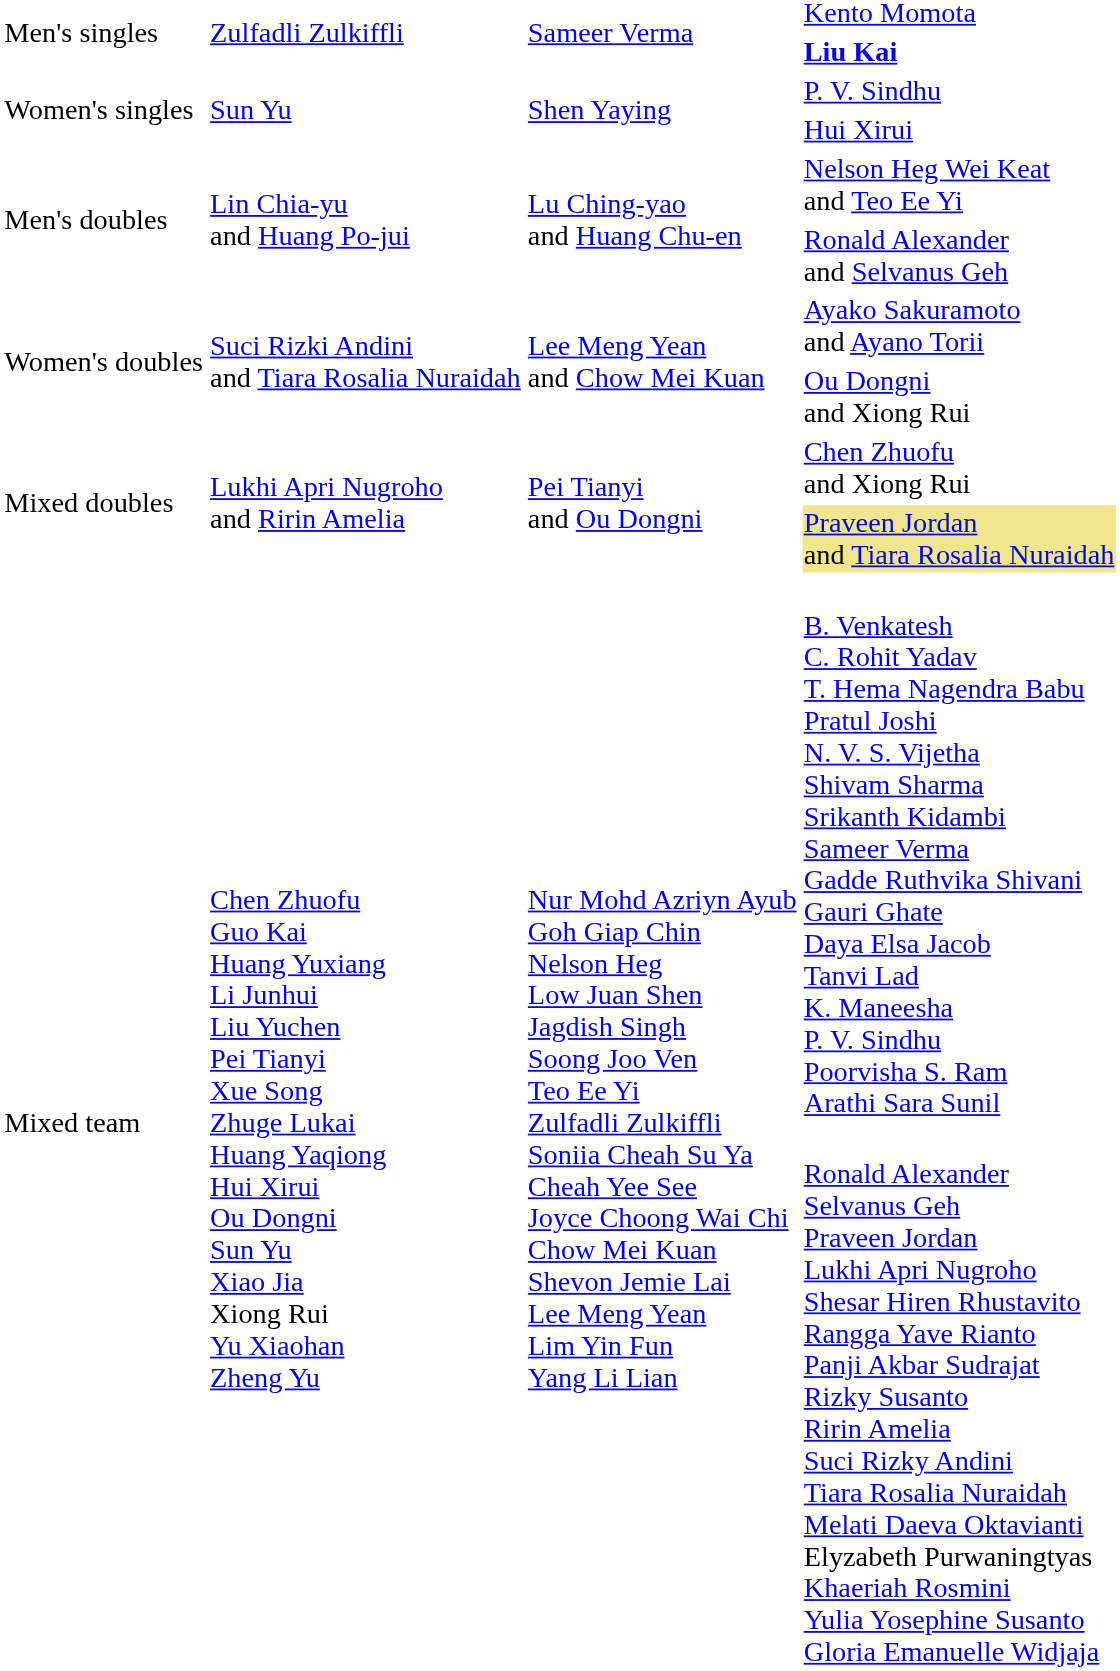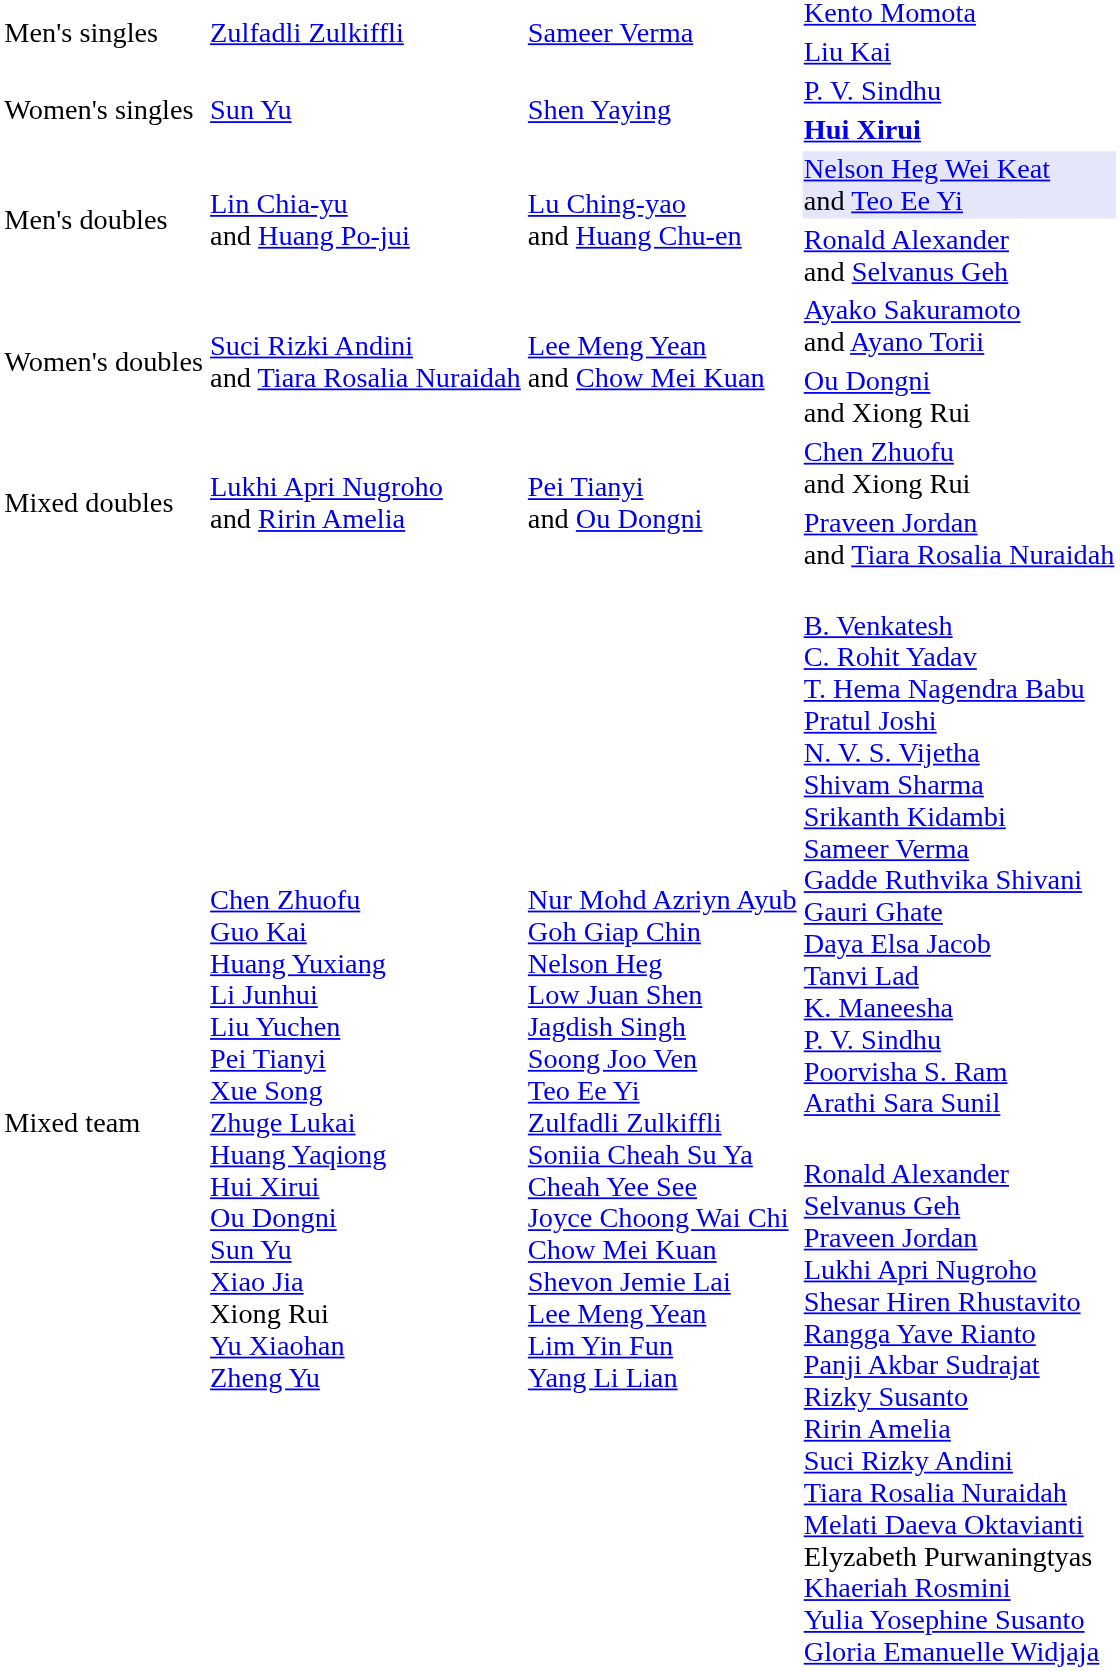 <table>
 <tr>
 <td rowspan=2>Men's singles</td>
 <td rowspan=2> <a href='#'>Zulfadli Zulkiffli</a></td>
 <td rowspan=2> <a href='#'>Sameer Verma</a></td>
 <td> <a href='#'>Kento Momota</a></td>
 </tr>
 <tr>
-<td><strong> <a href='#'>Liu Kai</a></strong></td>
+<td> <a href='#'>Liu Kai</a></td>
 </tr>
 <tr>
 <td rowspan=2>Women's singles</td>
 <td rowspan=2> <a href='#'>Sun Yu</a></td>
 <td rowspan=2> <a href='#'>Shen Yaying</a></td>
 <td> <a href='#'>P. V. Sindhu</a></td>
 </tr>
 <tr>
-<td> <a href='#'>Hui Xirui</a></td>
+<td><strong> <a href='#'>Hui Xirui</a></strong></td>
 </tr>
 <tr>
 <td rowspan=2>Men's doubles</td>
 <td rowspan=2> <a href='#'>Lin Chia-yu</a><br>and <a href='#'>Huang Po-jui</a></td>
 <td rowspan=2> <a href='#'>Lu Ching-yao</a><br>and <a href='#'>Huang Chu-en</a></td>
-<td> <a href='#'>Nelson Heg Wei Keat</a><br>and <a href='#'>Teo Ee Yi</a></td>
+<td style="background: lavender;"> <a href='#'>Nelson Heg Wei Keat</a><br>and <a href='#'>Teo Ee Yi</a></td>
 </tr>
 <tr>
 <td> <a href='#'>Ronald Alexander</a><br>and <a href='#'>Selvanus Geh</a></td>
 </tr>
 <tr>
 <td rowspan=2>Women's doubles</td>
 <td rowspan=2> <a href='#'>Suci Rizki Andini</a><br>and <a href='#'>Tiara Rosalia Nuraidah</a></td>
 <td rowspan=2> <a href='#'>Lee Meng Yean</a><br>and <a href='#'>Chow Mei Kuan</a></td>
 <td> <a href='#'>Ayako Sakuramoto</a><br>and <a href='#'>Ayano Torii</a></td>
 </tr>
 <tr>
 <td> <a href='#'>Ou Dongni</a><br>and Xiong Rui</td>
 </tr>
 <tr>
 <td rowspan=2>Mixed doubles</td>
 <td rowspan=2> <a href='#'>Lukhi Apri Nugroho</a><br>and <a href='#'>Ririn Amelia</a></td>
 <td rowspan=2> <a href='#'>Pei Tianyi</a><br>and <a href='#'>Ou Dongni</a></td>
 <td> <a href='#'>Chen Zhuofu</a><br>and Xiong Rui</td>
 </tr>
 <tr>
-<td style="background: khaki;"> <a href='#'>Praveen Jordan</a><br>and <a href='#'>Tiara Rosalia Nuraidah</a></td>
+<td> <a href='#'>Praveen Jordan</a><br>and <a href='#'>Tiara Rosalia Nuraidah</a></td>
 </tr>
 <tr>
 <td rowspan=2>Mixed team</td>
 <td rowspan=2><br><a href='#'>Chen Zhuofu</a><br><a href='#'>Guo Kai</a><br><a href='#'>Huang Yuxiang</a><br><a href='#'>Li Junhui</a><br><a href='#'>Liu Yuchen</a><br><a href='#'>Pei Tianyi</a><br><a href='#'>Xue Song</a><br><a href='#'>Zhuge Lukai</a><br><a href='#'>Huang Yaqiong</a><br><a href='#'>Hui Xirui</a><br><a href='#'>Ou Dongni</a><br><a href='#'>Sun Yu</a><br><a href='#'>Xiao Jia</a><br>Xiong Rui<br><a href='#'>Yu Xiaohan</a><br><a href='#'>Zheng Yu</a></td>
 <td rowspan=2><br><a href='#'>Nur Mohd Azriyn Ayub</a><br><a href='#'>Goh Giap Chin</a><br><a href='#'>Nelson Heg</a><br><a href='#'>Low Juan Shen</a><br><a href='#'>Jagdish Singh</a><br><a href='#'>Soong Joo Ven</a><br><a href='#'>Teo Ee Yi</a><br><a href='#'>Zulfadli Zulkiffli</a><br><a href='#'>Soniia Cheah Su Ya</a><br><a href='#'>Cheah Yee See</a><br><a href='#'>Joyce Choong Wai Chi</a><br><a href='#'>Chow Mei Kuan</a><br><a href='#'>Shevon Jemie Lai</a><br><a href='#'>Lee Meng Yean</a><br><a href='#'>Lim Yin Fun</a><br><a href='#'>Yang Li Lian</a></td>
 <td><br><a href='#'>B. Venkatesh</a><br><a href='#'>C. Rohit Yadav</a><br><a href='#'>T. Hema Nagendra Babu</a><br><a href='#'>Pratul Joshi</a><br><a href='#'>N. V. S. Vijetha</a><br><a href='#'>Shivam Sharma</a><br><a href='#'>Srikanth Kidambi</a><br><a href='#'>Sameer Verma</a><br><a href='#'>Gadde Ruthvika Shivani</a><br><a href='#'>Gauri Ghate</a><br><a href='#'>Daya Elsa Jacob</a><br><a href='#'>Tanvi Lad</a><br><a href='#'>K. Maneesha</a><br><a href='#'>P. V. Sindhu</a><br><a href='#'>Poorvisha S. Ram</a><br><a href='#'>Arathi Sara Sunil</a></td>
 </tr>
 <tr>
 <td><br><a href='#'>Ronald Alexander</a><br><a href='#'>Selvanus Geh</a><br><a href='#'>Praveen Jordan</a><br><a href='#'>Lukhi Apri Nugroho</a><br><a href='#'>Shesar Hiren Rhustavito</a><br><a href='#'>Rangga Yave Rianto</a><br><a href='#'>Panji Akbar Sudrajat</a><br><a href='#'>Rizky Susanto</a><br><a href='#'>Ririn Amelia</a><br><a href='#'>Suci Rizky Andini</a><br><a href='#'>Tiara Rosalia Nuraidah</a><br><a href='#'>Melati Daeva Oktavianti</a><br>Elyzabeth Purwaningtyas<br><a href='#'>Khaeriah Rosmini</a><br><a href='#'>Yulia Yosephine Susanto</a><br><a href='#'>Gloria Emanuelle Widjaja</a></td>
 </tr>
 </table>
